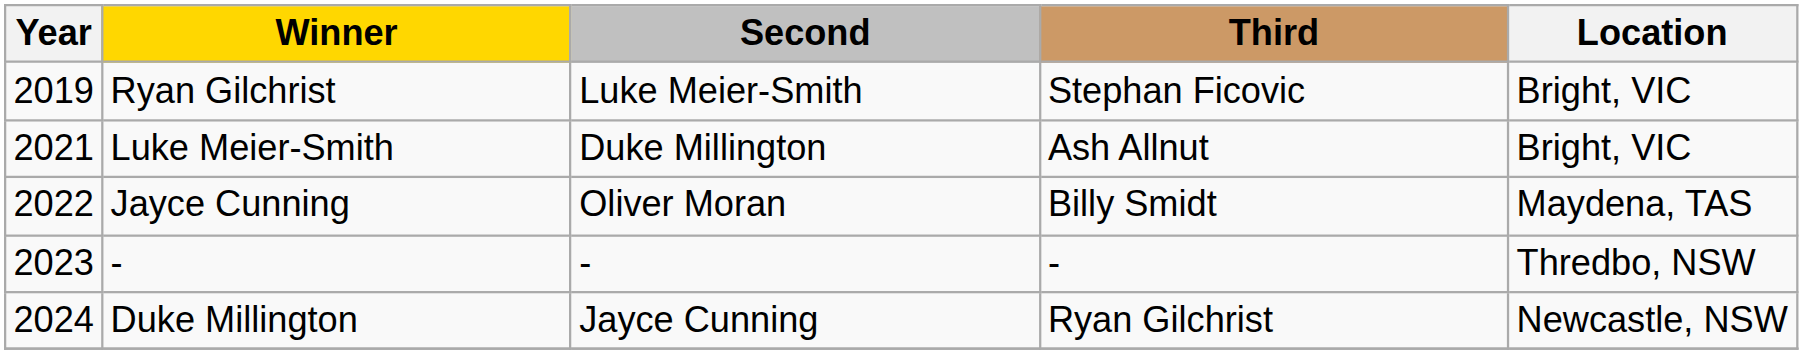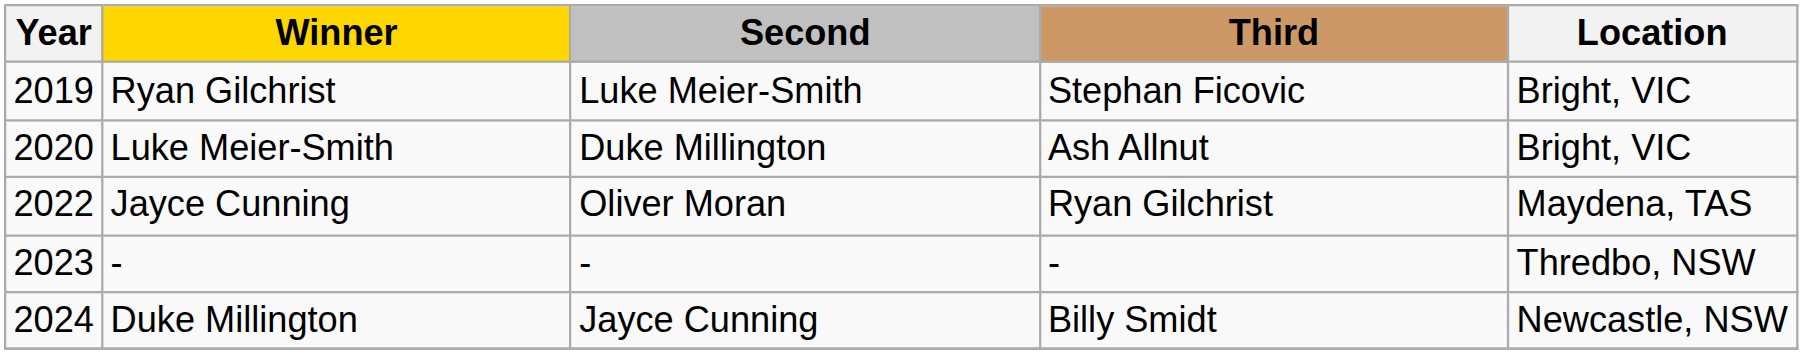 <table class="wikitable sortable">
 <tr>
 <th>Year</th>
 <th scope=col colspan=1 style="width:200px; color: black; background:gold;">Winner</th>
 <th scope=col colspan=1 style="width:200px; color: black; background:silver;">Second</th>
 <th scope=col colspan=1 style="width:200px; color: black; background:#cc9966;">Third</th>
 <th>Location</th>
 </tr>
 <tr>
 <td>2019</td>
 <td>Ryan Gilchrist</td>
 <td>Luke Meier-Smith</td>
 <td>Stephan Ficovic</td>
 <td>Bright, VIC</td>
 </tr>
 <tr>
-<td>2021</td>
+<td>2020</td>
 <td>Luke Meier-Smith</td>
 <td>Duke Millington</td>
 <td>Ash Allnut</td>
 <td>Bright, VIC</td>
 </tr>
 <tr>
 <td>2022</td>
 <td>Jayce Cunning</td>
 <td>Oliver Moran</td>
-<td>Billy Smidt</td>
+<td>Ryan Gilchrist</td>
 <td>Maydena, TAS</td>
 </tr>
 <tr>
 <td>2023</td>
 <td>-</td>
 <td>-</td>
 <td>-</td>
 <td>Thredbo, NSW</td>
 </tr>
 <tr>
 <td>2024</td>
 <td>Duke Millington</td>
 <td>Jayce Cunning</td>
-<td>Ryan Gilchrist</td>
+<td>Billy Smidt</td>
 <td>Newcastle, NSW</td>
 </tr>
 <tr>
 </tr>
 </table>
